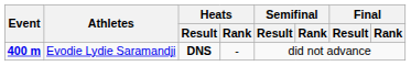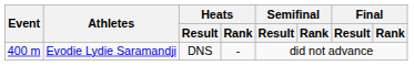 <table class="wikitable" border="1" style="font-size:90%">
 <tr>
 <th rowspan="2">Event</th>
 <th rowspan="2">Athletes</th>
 <th colspan="2">Heats</th>
 <th colspan="2">Semifinal</th>
 <th colspan="2">Final</th>
 </tr>
 <tr>
 <th>Result</th>
 <th>Rank</th>
 <th>Result</th>
 <th>Rank</th>
 <th>Result</th>
 <th>Rank</th>
 </tr>
 <tr>
-<td><strong><a href='#'>400 m</a></strong></td>
+<td><a href='#'>400 m</a></td>
 <td><a href='#'>Evodie Lydie Saramandji</a></td>
-<td align=center><strong>DNS</strong></td>
+<td align=center>DNS</td>
 <td align=center>-</td>
 <td align=center colspan=4>did not advance</td>
 </tr>
 </table>
